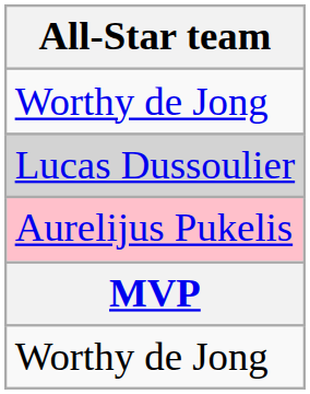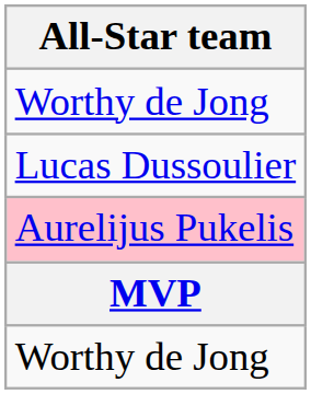 <table class="wikitable plainrowheaders">
 <tr>
 <th scope="col" colspan=2>All-Star team</th>
 </tr>
 <tr>
 <td> <a href='#'>Worthy de Jong</a></td>
 </tr>
 <tr>
-<td style="background: lightgrey;"> <a href='#'>Lucas Dussoulier</a></td>
+<td> <a href='#'>Lucas Dussoulier</a></td>
 </tr>
 <tr>
 <td style="background: pink;"> <a href='#'>Aurelijus Pukelis</a></td>
 </tr>
 <tr>
 <th scope="col" colspan=2><a href='#'>MVP</a></th>
 </tr>
 <tr>
 <td> Worthy de Jong</td>
 </tr>
 </table>
